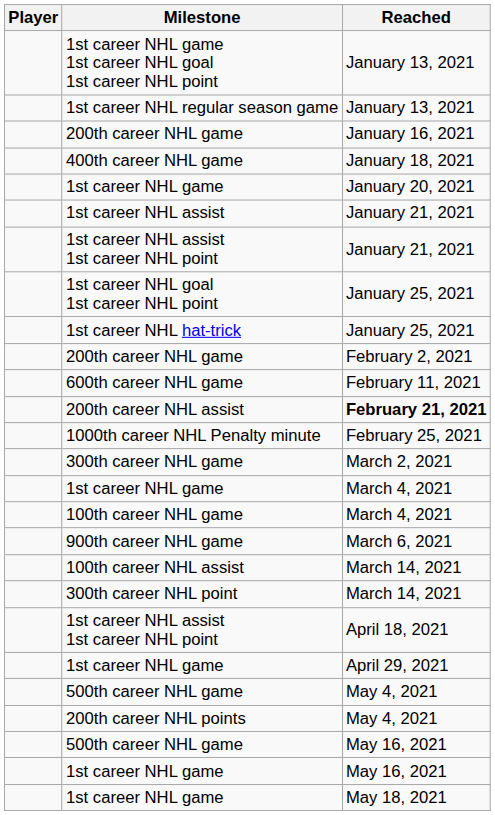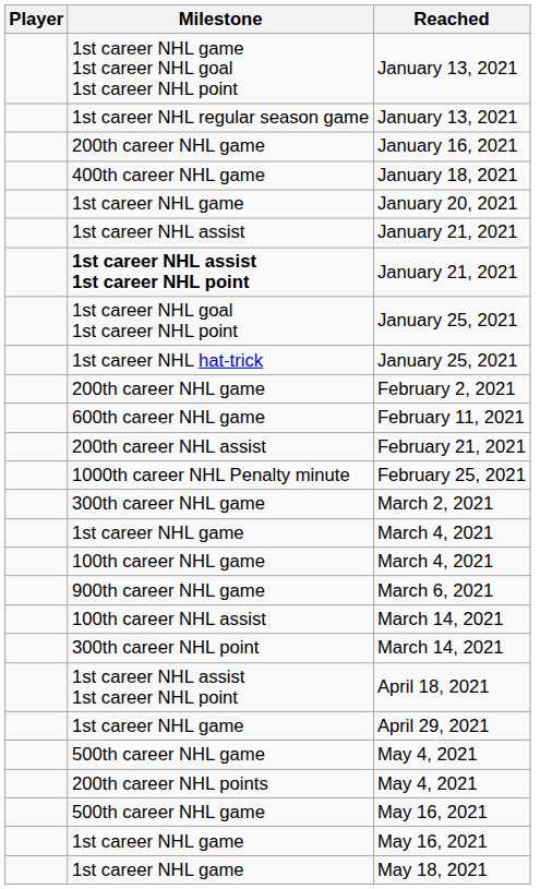 <table class="wikitable sortable">
 <tr>
 <th>Player</th>
 <th>Milestone</th>
 <th data-sort-type="date">Reached</th>
 </tr>
 <tr>
 <td></td>
 <td>1st career NHL game <br> 1st career NHL goal <br> 1st career NHL point</td>
 <td>January 13, 2021</td>
 </tr>
 <tr>
 <td></td>
 <td>1st career NHL regular season game</td>
 <td>January 13, 2021</td>
 </tr>
 <tr>
 <td></td>
 <td>200th career NHL game</td>
 <td>January 16, 2021</td>
 </tr>
 <tr>
 <td></td>
 <td>400th career NHL game</td>
 <td>January 18, 2021</td>
 </tr>
 <tr>
 <td></td>
 <td>1st career NHL game</td>
 <td>January 20, 2021</td>
 </tr>
 <tr>
 <td></td>
 <td>1st career NHL assist</td>
 <td>January 21, 2021</td>
 </tr>
 <tr>
 <td></td>
-<td>1st career NHL assist <br> 1st career NHL point</td>
+<td><strong>1st career NHL assist <br> 1st career NHL point</strong></td>
 <td>January 21, 2021</td>
 </tr>
 <tr>
 <td></td>
 <td>1st career NHL goal <br> 1st career NHL point</td>
 <td>January 25, 2021</td>
 </tr>
 <tr>
 <td></td>
 <td>1st career NHL <a href='#'>hat-trick</a></td>
 <td>January 25, 2021</td>
 </tr>
 <tr>
 <td></td>
 <td>200th career NHL game</td>
 <td>February 2, 2021</td>
 </tr>
 <tr>
 <td></td>
 <td>600th career NHL game</td>
 <td>February 11, 2021</td>
 </tr>
 <tr>
 <td></td>
 <td>200th career NHL assist</td>
-<td><strong>February 21, 2021</strong></td>
+<td>February 21, 2021</td>
 </tr>
 <tr>
 <td></td>
 <td>1000th career NHL Penalty minute</td>
 <td>February 25, 2021</td>
 </tr>
 <tr>
 <td></td>
 <td>300th career NHL game</td>
 <td>March 2, 2021</td>
 </tr>
 <tr>
 <td></td>
 <td>1st career NHL game</td>
 <td>March 4, 2021</td>
 </tr>
 <tr>
 <td></td>
 <td>100th career NHL game</td>
 <td>March 4, 2021</td>
 </tr>
 <tr>
 <td></td>
 <td>900th career NHL game</td>
 <td>March 6, 2021</td>
 </tr>
 <tr>
 <td></td>
 <td>100th career NHL assist</td>
 <td>March 14, 2021</td>
 </tr>
 <tr>
 <td></td>
 <td>300th career NHL point</td>
 <td>March 14, 2021</td>
 </tr>
 <tr>
 <td></td>
 <td>1st career NHL assist <br> 1st career NHL point</td>
 <td>April 18, 2021</td>
 </tr>
 <tr>
 <td></td>
 <td>1st career NHL game</td>
 <td>April 29, 2021</td>
 </tr>
 <tr>
 <td></td>
 <td>500th career NHL game</td>
 <td>May 4, 2021</td>
 </tr>
 <tr>
 <td></td>
 <td>200th career NHL points</td>
 <td>May 4, 2021</td>
 </tr>
 <tr>
 <td></td>
 <td>500th career NHL game</td>
 <td>May 16, 2021</td>
 </tr>
 <tr>
 <td></td>
 <td>1st career NHL game</td>
 <td>May 16, 2021</td>
 </tr>
 <tr>
 <td></td>
 <td>1st career NHL game</td>
 <td>May 18, 2021</td>
 </tr>
 </table>
